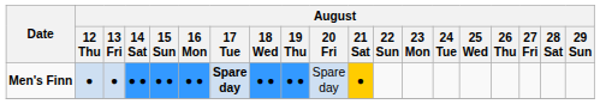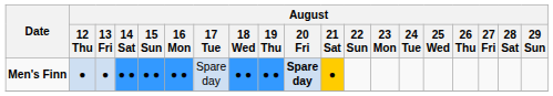 <table class="wikitable" style="margin:0.5em auto; font-size:90%; line-height:1.25em;">
 <tr>
 <th rowspan=2>Date</th>
 <th colspan=18>August</th>
 </tr>
 <tr>
 <th>12<br>Thu</th>
 <th>13<br>Fri</th>
 <th>14<br>Sat</th>
 <th>15<br>Sun</th>
 <th>16<br>Mon</th>
 <th>17<br>Tue</th>
 <th>18<br>Wed</th>
 <th>19<br>Thu</th>
 <th>20<br>Fri</th>
 <th>21<br>Sat</th>
 <th>22<br>Sun</th>
 <th>23<br>Mon</th>
 <th>24<br>Tue</th>
 <th>25<br>Wed</th>
 <th>26<br>Thu</th>
 <th>27<br>Fri</th>
 <th>28<br>Sat</th>
 <th>29<br>Sun</th>
 </tr>
 <tr align="center">
 <td align="center"><strong>Men's Finn</strong></td>
 <td bgcolor=#cedff2><span> ● </span></td>
 <td bgcolor=#cedff2><span> ● </span></td>
 <td bgcolor=#3399ff><span> ● ● </span></td>
 <td bgcolor=#3399ff><span> ● ● </span></td>
 <td bgcolor=#3399ff><span> ● ● </span></td>
-<td bgcolor=#cedff2><strong>Spare<br>day</strong></td>
+<td bgcolor=#cedff2>Spare<br>day</td>
 <td bgcolor=#3399ff><span> ● ● </span></td>
 <td bgcolor=#3399ff><span> ● ● </span></td>
-<td bgcolor=#cedff2>Spare<br>day</td>
+<td bgcolor=#cedff2><strong>Spare<br>day</strong></td>
 <td bgcolor=#ffcc00><span> ● </span></td>
 <td></td>
 <td></td>
 <td></td>
 <td></td>
 <td></td>
 <td></td>
 <td></td>
 <td></td>
 </tr>
 <tr align="center">
 </tr>
 </table>
